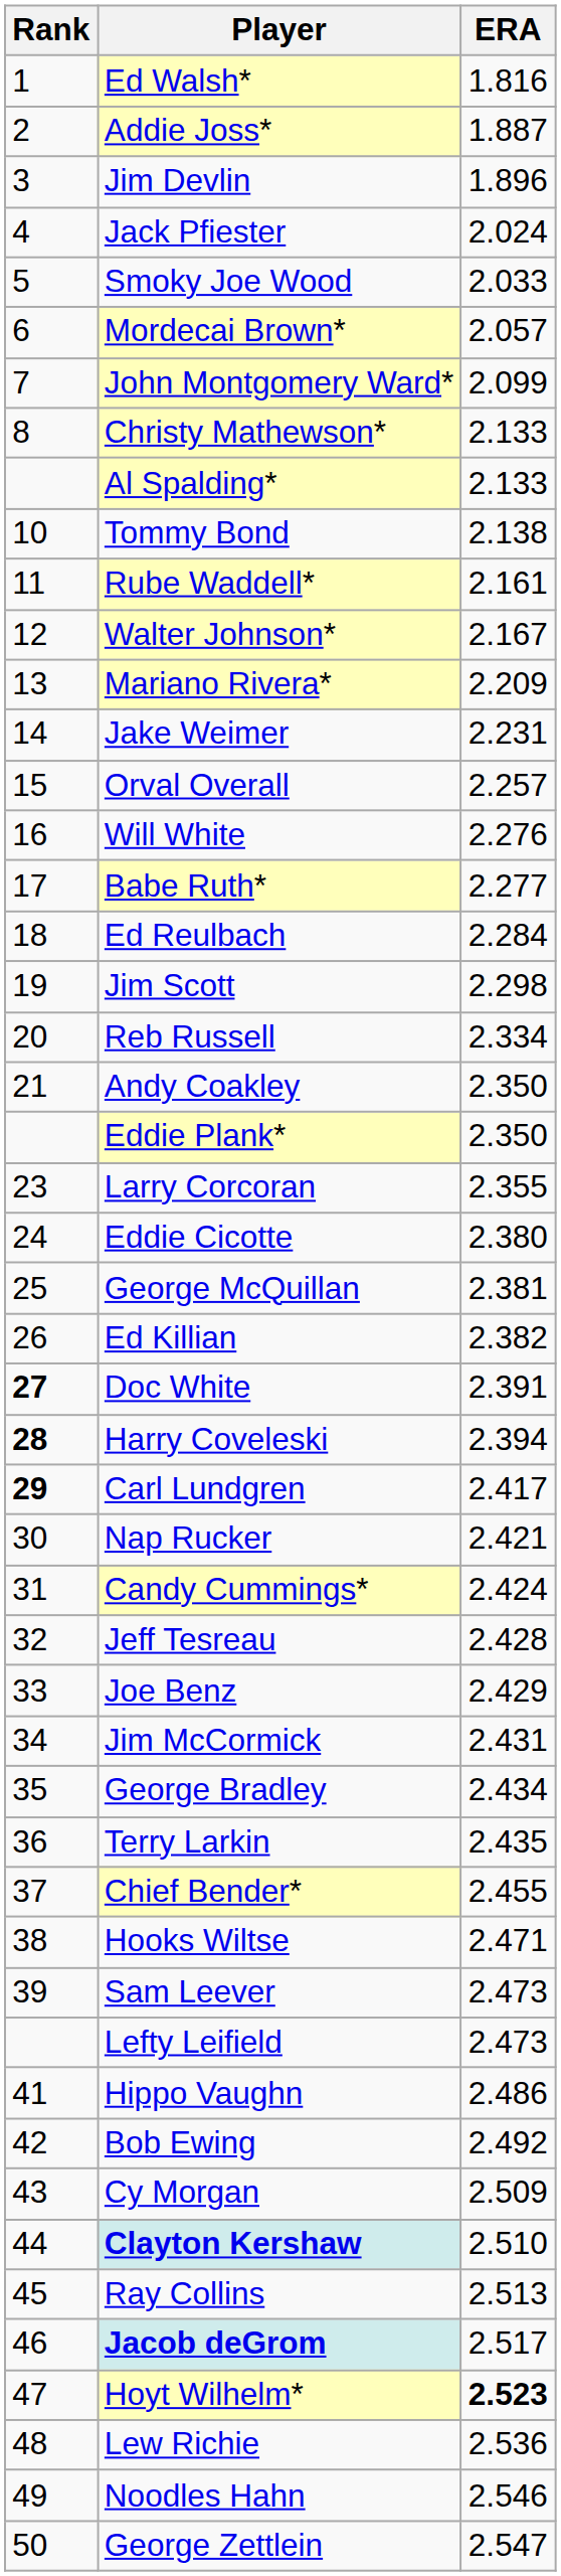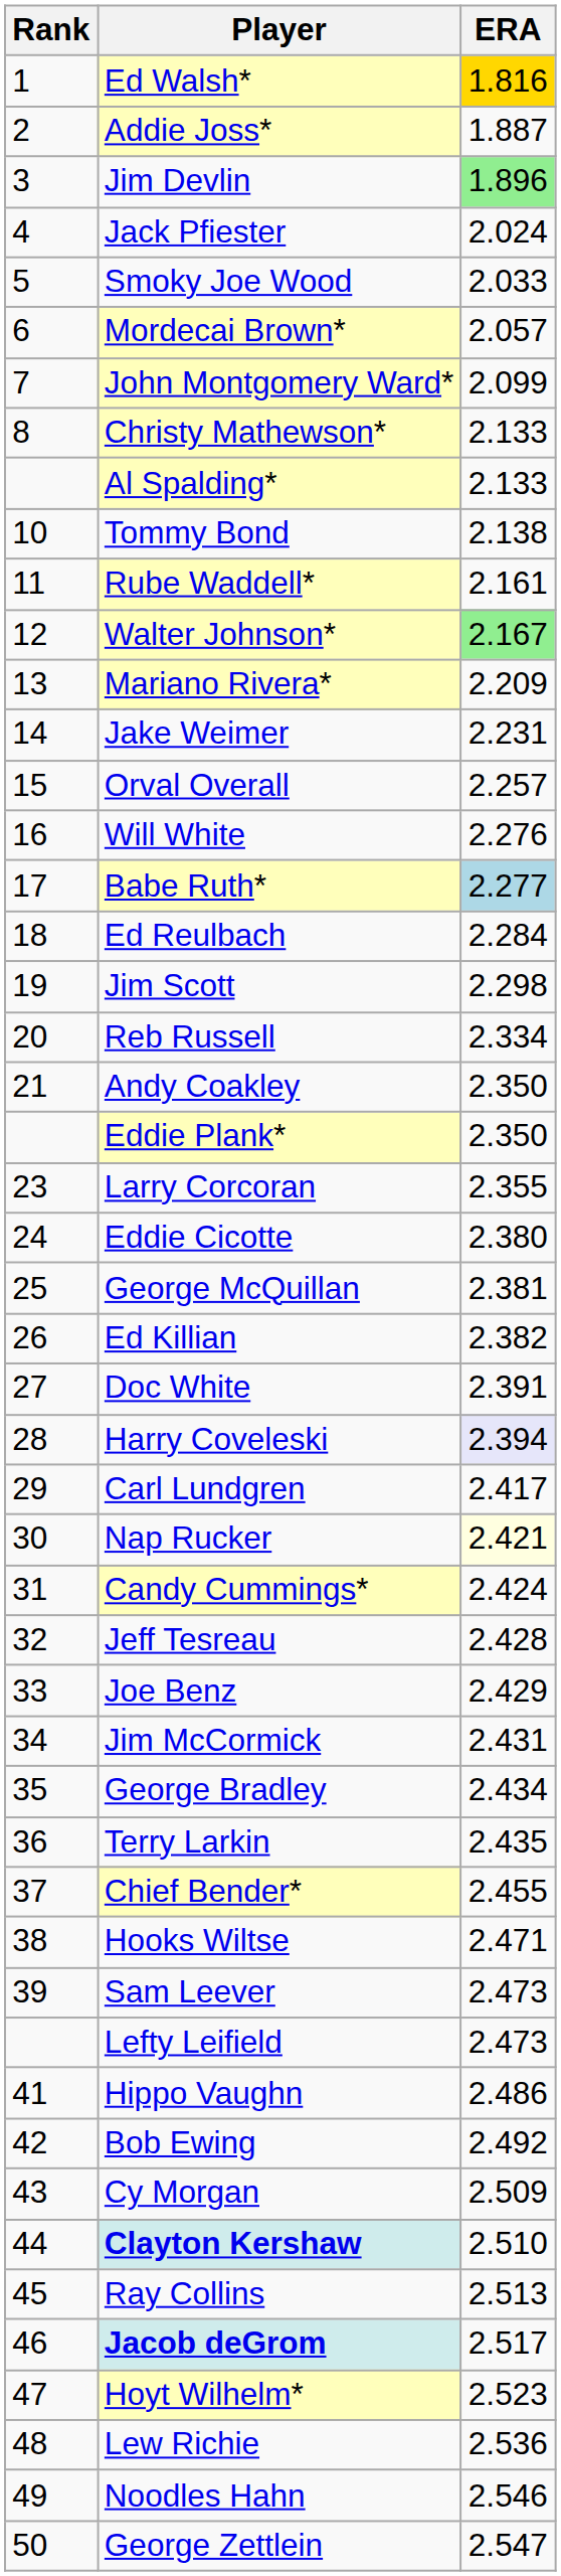 <table class="wikitable" style="float:left;">
 <tr style="white-space:nowrap;">
 <th>Rank</th>
 <th>Player</th>
 <th>ERA</th>
 </tr>
 <tr>
 <td>1</td>
 <td style="background:#ffffbb;"><a href='#'>Ed Walsh</a>*</td>
-<td>1.816</td>
+<td style="background: gold;">1.816</td>
 </tr>
 <tr>
 <td>2</td>
 <td style="background:#ffffbb;"><a href='#'>Addie Joss</a>*</td>
 <td>1.887</td>
 </tr>
 <tr>
 <td>3</td>
 <td><a href='#'>Jim Devlin</a></td>
-<td>1.896</td>
+<td style="background: lightgreen;">1.896</td>
 </tr>
 <tr>
 <td>4</td>
 <td><a href='#'>Jack Pfiester</a></td>
 <td>2.024</td>
 </tr>
 <tr>
 <td>5</td>
 <td><a href='#'>Smoky Joe Wood</a></td>
 <td>2.033</td>
 </tr>
 <tr>
 <td>6</td>
 <td style="background:#ffffbb;"><a href='#'>Mordecai Brown</a>*</td>
 <td>2.057</td>
 </tr>
 <tr>
 <td>7</td>
 <td style="background:#ffffbb;"><a href='#'>John Montgomery Ward</a>*</td>
 <td>2.099</td>
 </tr>
 <tr>
 <td>8</td>
 <td style="background:#ffffbb;"><a href='#'>Christy Mathewson</a>*</td>
 <td>2.133</td>
 </tr>
 <tr>
 <td></td>
 <td style="background:#ffffbb;"><a href='#'>Al Spalding</a>*</td>
 <td>2.133</td>
 </tr>
 <tr>
 <td>10</td>
 <td><a href='#'>Tommy Bond</a></td>
 <td>2.138</td>
 </tr>
 <tr>
 <td>11</td>
 <td style="background:#ffffbb;"><a href='#'>Rube Waddell</a>*</td>
 <td>2.161</td>
 </tr>
 <tr>
 <td>12</td>
 <td style="background:#ffffbb;"><a href='#'>Walter Johnson</a>*</td>
-<td>2.167</td>
+<td style="background: lightgreen;">2.167</td>
 </tr>
 <tr>
 <td>13</td>
 <td style="background:#ffffbb;"><a href='#'>Mariano Rivera</a>*</td>
 <td>2.209</td>
 </tr>
 <tr>
 <td>14</td>
 <td><a href='#'>Jake Weimer</a></td>
 <td>2.231</td>
 </tr>
 <tr>
 <td>15</td>
 <td><a href='#'>Orval Overall</a></td>
 <td>2.257</td>
 </tr>
 <tr>
 <td>16</td>
 <td><a href='#'>Will White</a></td>
 <td>2.276</td>
 </tr>
 <tr>
 <td>17</td>
 <td style="background:#ffffbb;"><a href='#'>Babe Ruth</a>*</td>
-<td>2.277</td>
+<td style="background: lightblue;">2.277</td>
 </tr>
 <tr>
 <td>18</td>
 <td><a href='#'>Ed Reulbach</a></td>
 <td>2.284</td>
 </tr>
 <tr>
 <td>19</td>
 <td><a href='#'>Jim Scott</a></td>
 <td>2.298</td>
 </tr>
 <tr>
 <td>20</td>
 <td><a href='#'>Reb Russell</a></td>
 <td>2.334</td>
 </tr>
 <tr>
 <td>21</td>
 <td><a href='#'>Andy Coakley</a></td>
 <td>2.350</td>
 </tr>
 <tr>
 <td></td>
 <td style="background:#ffffbb;"><a href='#'>Eddie Plank</a>*</td>
 <td>2.350</td>
 </tr>
 <tr>
 <td>23</td>
 <td><a href='#'>Larry Corcoran</a></td>
 <td>2.355</td>
 </tr>
 <tr>
 <td>24</td>
 <td><a href='#'>Eddie Cicotte</a></td>
 <td>2.380</td>
 </tr>
 <tr>
 <td>25</td>
 <td><a href='#'>George McQuillan</a></td>
 <td>2.381</td>
 </tr>
 <tr>
 <td>26</td>
 <td><a href='#'>Ed Killian</a></td>
 <td>2.382</td>
 </tr>
 <tr>
-<td><strong>27</strong></td>
+<td>27</td>
 <td><a href='#'>Doc White</a></td>
 <td>2.391</td>
 </tr>
 <tr>
-<td><strong>28</strong></td>
+<td>28</td>
 <td><a href='#'>Harry Coveleski</a></td>
-<td>2.394</td>
+<td style="background: lavender;">2.394</td>
 </tr>
 <tr>
-<td><strong>29</strong></td>
+<td>29</td>
 <td><a href='#'>Carl Lundgren</a></td>
 <td>2.417</td>
 </tr>
 <tr>
 <td>30</td>
 <td><a href='#'>Nap Rucker</a></td>
-<td>2.421</td>
+<td style="background: lightyellow;">2.421</td>
 </tr>
 <tr>
 <td>31</td>
 <td style="background:#ffffbb;"><a href='#'>Candy Cummings</a>*</td>
 <td>2.424</td>
 </tr>
 <tr>
 <td>32</td>
 <td><a href='#'>Jeff Tesreau</a></td>
 <td>2.428</td>
 </tr>
 <tr>
 <td>33</td>
 <td><a href='#'>Joe Benz</a></td>
 <td>2.429</td>
 </tr>
 <tr>
 <td>34</td>
 <td><a href='#'>Jim McCormick</a></td>
 <td>2.431</td>
 </tr>
 <tr>
 <td>35</td>
 <td><a href='#'>George Bradley</a></td>
 <td>2.434</td>
 </tr>
 <tr>
 <td>36</td>
 <td><a href='#'>Terry Larkin</a></td>
 <td>2.435</td>
 </tr>
 <tr>
 <td>37</td>
 <td style="background:#ffffbb;"><a href='#'>Chief Bender</a>*</td>
 <td>2.455</td>
 </tr>
 <tr>
 <td>38</td>
 <td><a href='#'>Hooks Wiltse</a></td>
 <td>2.471</td>
 </tr>
 <tr>
 <td>39</td>
 <td><a href='#'>Sam Leever</a></td>
 <td>2.473</td>
 </tr>
 <tr>
 <td></td>
 <td><a href='#'>Lefty Leifield</a></td>
 <td>2.473</td>
 </tr>
 <tr>
 <td>41</td>
 <td><a href='#'>Hippo Vaughn</a></td>
 <td>2.486</td>
 </tr>
 <tr>
 <td>42</td>
 <td><a href='#'>Bob Ewing</a></td>
 <td>2.492</td>
 </tr>
 <tr>
 <td>43</td>
 <td><a href='#'>Cy Morgan</a></td>
 <td>2.509</td>
 </tr>
 <tr>
 <td>44</td>
 <td style="background:#cfecec;"><strong><a href='#'>Clayton Kershaw</a></strong></td>
 <td>2.510</td>
 </tr>
 <tr>
 <td>45</td>
 <td><a href='#'>Ray Collins</a></td>
 <td>2.513</td>
 </tr>
 <tr>
 <td>46</td>
 <td style="background:#cfecec;"><strong><a href='#'>Jacob deGrom</a></strong></td>
 <td>2.517</td>
 </tr>
 <tr>
 <td>47</td>
 <td style="background:#ffffbb;"><a href='#'>Hoyt Wilhelm</a>*</td>
-<td><strong>2.523</strong></td>
+<td>2.523</td>
 </tr>
 <tr>
 <td>48</td>
 <td><a href='#'>Lew Richie</a></td>
 <td>2.536</td>
 </tr>
 <tr>
 <td>49</td>
 <td><a href='#'>Noodles Hahn</a></td>
 <td>2.546</td>
 </tr>
 <tr>
 <td>50</td>
 <td><a href='#'>George Zettlein</a></td>
 <td>2.547</td>
 </tr>
 </table>
